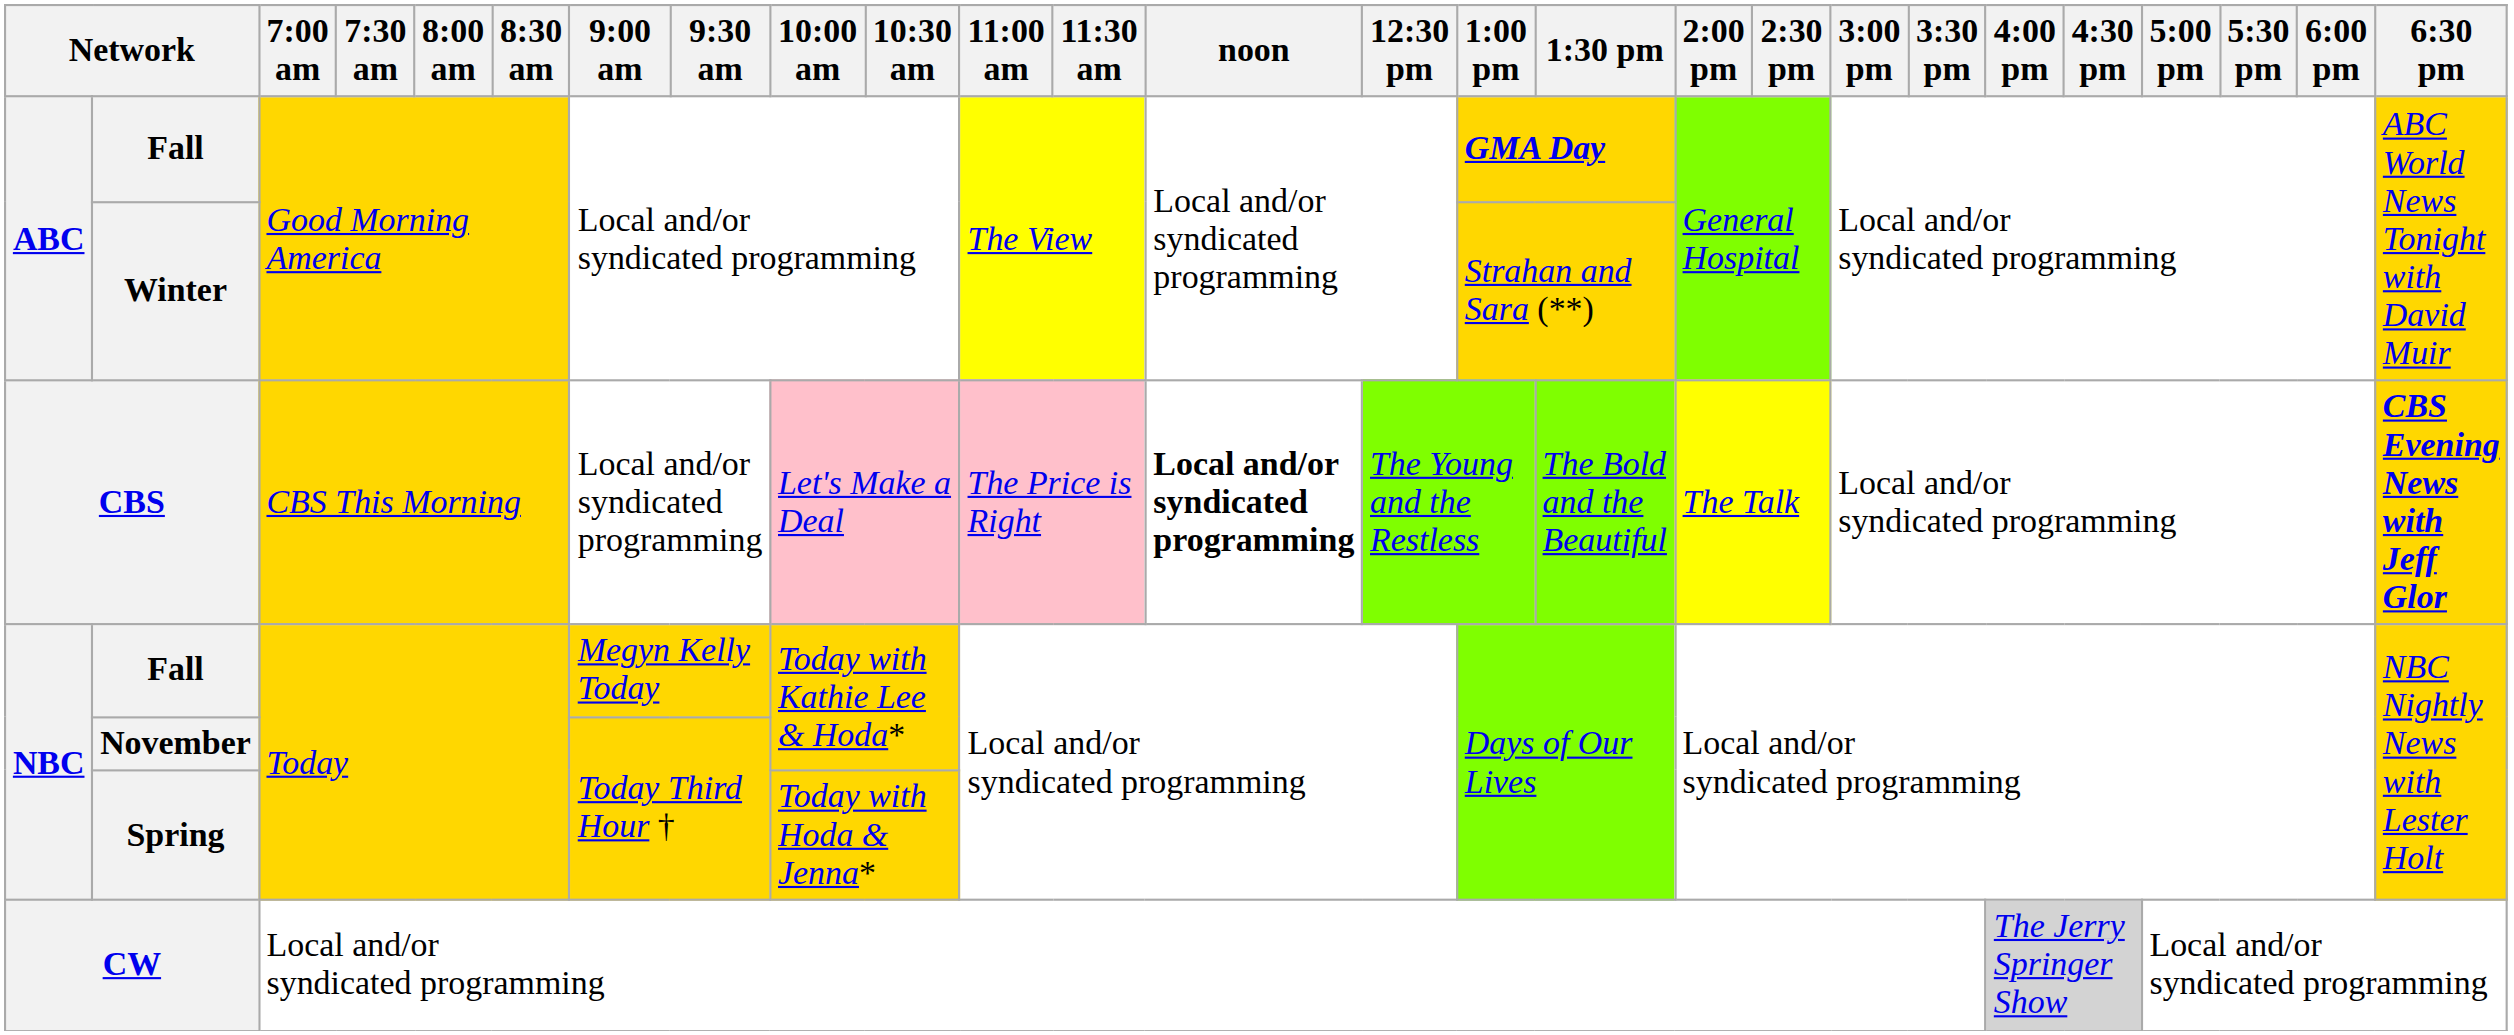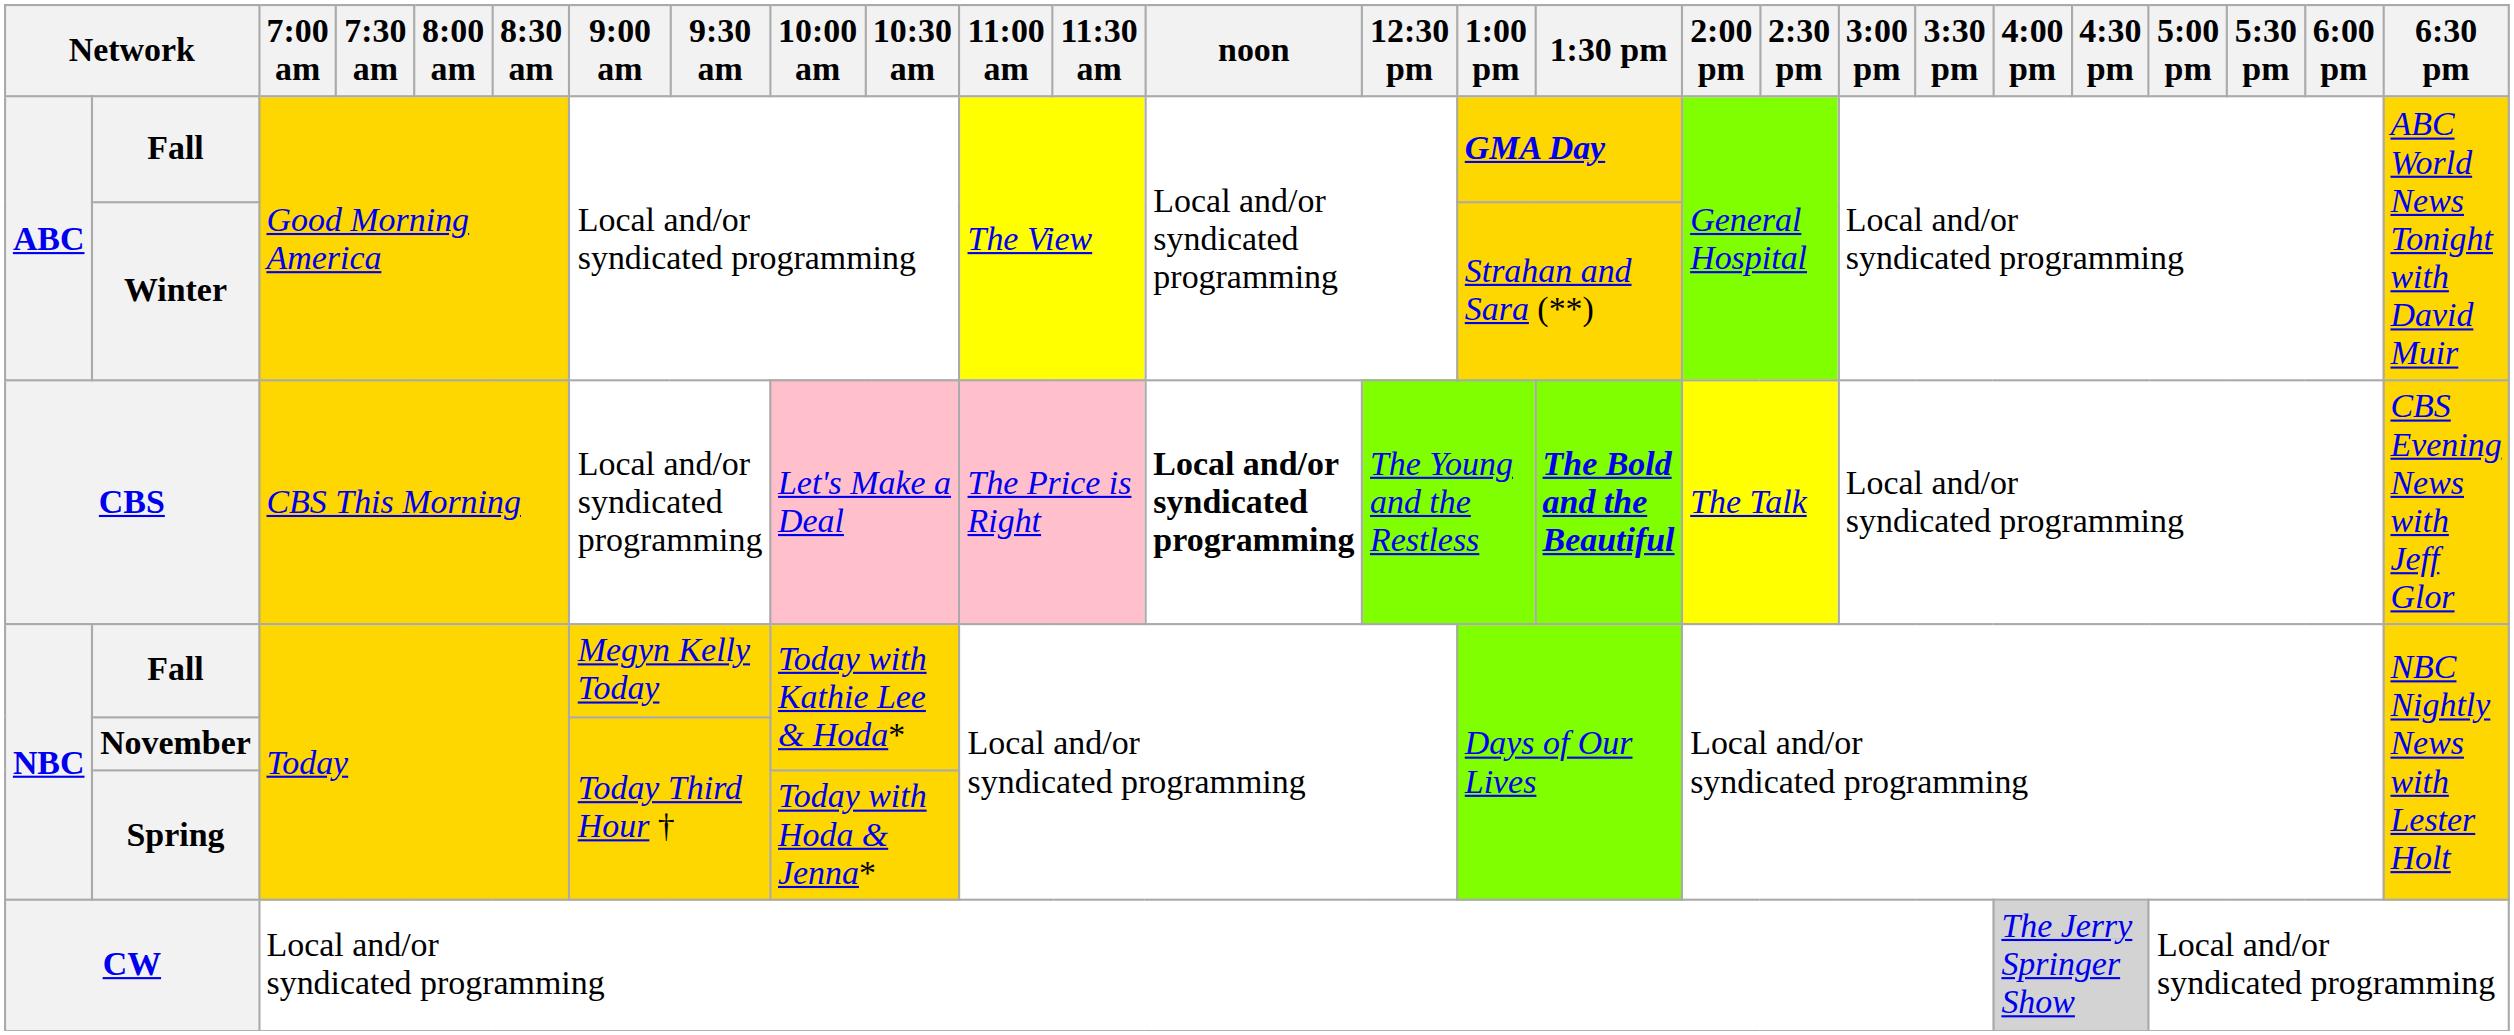 <table class=wikitable>
 <tr>
 <th width="1.5%" bgcolor="#C0C0C0" colspan="2">Network</th>
 <th width="4%" bgcolor="#C0C0C0">7:00 am</th>
 <th width="4%" bgcolor="#C0C0C0">7:30 am</th>
 <th width="4%" bgcolor="#C0C0C0">8:00 am</th>
 <th width="4%" bgcolor="#C0C0C0">8:30 am</th>
 <th width="4%" bgcolor="#C0C0C0">9:00 am</th>
 <th width="4%" bgcolor="#C0C0C0">9:30 am</th>
 <th width="4%" bgcolor="#C0C0C0">10:00 am</th>
 <th width="4%" bgcolor="#C0C0C0">10:30 am</th>
 <th width="4%" bgcolor="#C0C0C0">11:00 am</th>
 <th width="4%" bgcolor="#C0C0C0">11:30 am</th>
 <th width="4%" bgcolor="#C0C0C0">noon</th>
 <th width="4%" bgcolor="#C0C0C0">12:30 pm</th>
 <th width="4%" bgcolor="#C0C0C0">1:00 pm</th>
 <th width="4%" bgcolor="#C0C0C0">1:30 pm</th>
 <th width="4%" bgcolor="#C0C0C0">2:00 pm</th>
 <th width="4%" bgcolor="#C0C0C0">2:30 pm</th>
 <th width="4%" bgcolor="#C0C0C0">3:00 pm</th>
 <th width="4%" bgcolor="#C0C0C0">3:30 pm</th>
 <th width="4%" bgcolor="#C0C0C0">4:00 pm</th>
 <th width="4%" bgcolor="#C0C0C0">4:30 pm</th>
 <th width="4%" bgcolor="#C0C0C0">5:00 pm</th>
 <th width="4%" bgcolor="#C0C0C0">5:30 pm</th>
 <th width="4%" bgcolor="#C0C0C0">6:00 pm</th>
 <th width="4%" bgcolor="#C0C0C0">6:30 pm</th>
 </tr>
 <tr>
 <th bgcolor="#C0C0C0" rowspan="2"><a href='#'>ABC</a></th>
 <th>Fall</th>
 <td bgcolor="gold" colspan="4" rowspan="2"><em><a href='#'>Good Morning America</a></em></td>
 <td bgcolor="white" colspan="4" rowspan="2">Local and/or<br>syndicated programming</td>
 <td bgcolor="yellow" colspan="2" rowspan="2"><em><a href='#'>The View</a></em></td>
 <td bgcolor="white" colspan="2" rowspan="2">Local and/or<br>syndicated programming</td>
 <td bgcolor="gold" colspan="2"><strong><em><a href='#'>GMA Day</a></em></strong></td>
 <td bgcolor="chartreuse" colspan="2" rowspan="2"><em><a href='#'>General Hospital</a></em></td>
 <td bgcolor="white" colspan="7" rowspan="2">Local and/or<br>syndicated programming</td>
 <td bgcolor="gold" rowspan="2"><em><a href='#'>ABC World News Tonight with David Muir</a></em></td>
 </tr>
 <tr>
 <th>Winter</th>
 <td bgcolor="gold" colspan="2"><em><a href='#'>Strahan and Sara</a></em> (**)</td>
 </tr>
 <tr>
 <th bgcolor="#C0C0C0" colspan="2"><a href='#'>CBS</a></th>
 <td bgcolor="gold" colspan="4"><em><a href='#'>CBS This Morning</a></em></td>
 <td bgcolor="white" colspan="2">Local and/or<br>syndicated programming</td>
 <td bgcolor="pink" colspan="2"><em><a href='#'>Let's Make a Deal</a></em></td>
 <td bgcolor="pink" colspan="2"><em><a href='#'>The Price is Right</a></em></td>
 <td bgcolor="white"><strong>Local and/or<br>syndicated programming</strong></td>
 <td bgcolor="chartreuse" colspan="2"><em><a href='#'>The Young and the Restless</a></em></td>
-<td bgcolor="chartreuse"><em><a href='#'>The Bold and the Beautiful</a></em></td>
+<td bgcolor="chartreuse"><strong><em><a href='#'>The Bold and the Beautiful</a></em></strong></td>
 <td bgcolor="yellow" colspan="2"><em><a href='#'>The Talk</a></em></td>
 <td bgcolor="white" colspan="7">Local and/or<br>syndicated programming</td>
-<td bgcolor="gold"><strong><em><a href='#'>CBS Evening News with Jeff Glor</a></em></strong></td>
+<td bgcolor="gold"><em><a href='#'>CBS Evening News with Jeff Glor</a></em></td>
 </tr>
 <tr>
 <th bgcolor="#C0C0C0" rowspan="3"><a href='#'>NBC</a></th>
 <th>Fall</th>
 <td bgcolor="gold" colspan="4" rowspan="3"><em><a href='#'>Today</a></em></td>
 <td bgcolor="gold" colspan="2"><em><a href='#'>Megyn Kelly Today</a></em></td>
 <td bgcolor="gold" colspan="2" rowspan="2"><em><a href='#'>Today with Kathie Lee & Hoda</a></em>*</td>
 <td bgcolor="white" colspan="4" rowspan="3">Local and/or<br>syndicated programming</td>
 <td bgcolor="chartreuse" colspan="2" rowspan="3"><em><a href='#'>Days of Our Lives</a></em></td>
 <td bgcolor="white" colspan="9" rowspan="3">Local and/or<br>syndicated programming</td>
 <td bgcolor="gold" rowspan="3"><em><a href='#'>NBC Nightly News with Lester Holt</a></em></td>
 </tr>
 <tr>
 <th>November</th>
 <td bgcolor="gold" colspan="2" rowspan="2"><em><a href='#'>Today Third Hour</a></em> †</td>
 </tr>
 <tr>
 <th>Spring</th>
 <td bgcolor="gold" colspan="2"><em><a href='#'>Today with Hoda & Jenna</a></em>*</td>
 </tr>
 <tr>
 <th bgcolor="#C0C0C0" colspan="2"><a href='#'>CW</a></th>
 <td bgcolor="white" colspan="18">Local and/or<br>syndicated programming</td>
 <td bgcolor="lightgray" colspan="2"><em><a href='#'>The Jerry Springer Show</a></em> </td>
 <td bgcolor="white" colspan="6">Local and/or<br>syndicated programming</td>
 </tr>
 </table>
